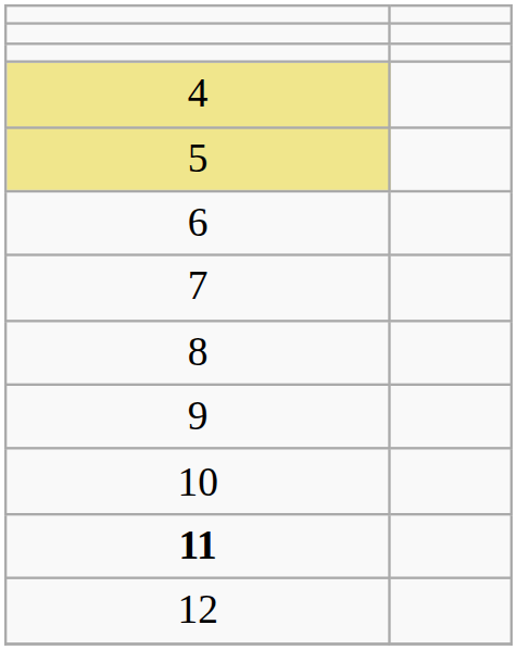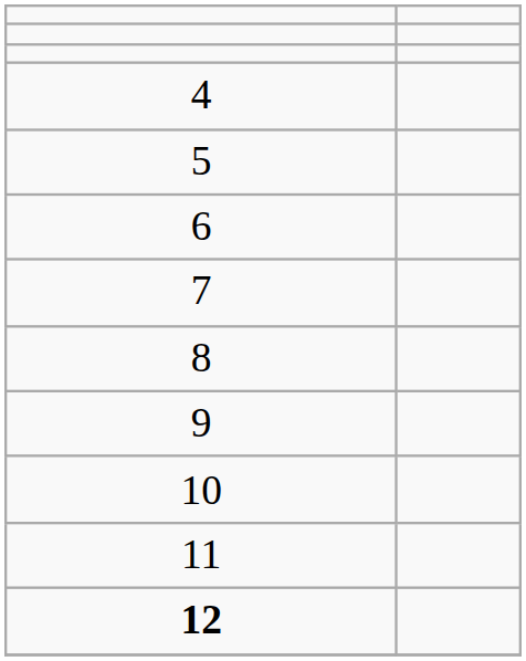 <table class="wikitable" width="200px">
 <tr>
 <td align=center></td>
 <td></td>
 </tr>
 <tr>
 <td align=center></td>
 <td></td>
 </tr>
 <tr>
 <td align=center></td>
 <td></td>
 </tr>
 <tr>
-<td align=center style="background: khaki;">4</td>
+<td align=center>4</td>
 <td></td>
 </tr>
 <tr>
-<td align=center style="background: khaki;">5</td>
+<td align=center>5</td>
 <td></td>
 </tr>
 <tr>
 <td align=center>6</td>
 <td></td>
 </tr>
 <tr>
 <td align=center>7</td>
 <td></td>
 </tr>
 <tr>
 <td align=center>8</td>
 <td></td>
 </tr>
 <tr>
 <td align=center>9</td>
 <td></td>
 </tr>
 <tr>
 <td align=center>10</td>
 <td></td>
 </tr>
 <tr>
-<td align=center><strong>11</strong></td>
+<td align=center>11</td>
 <td></td>
 </tr>
 <tr>
-<td align=center>12</td>
+<td align=center><strong>12</strong></td>
 <td></td>
 </tr>
 <tr>
 </tr>
 </table>
